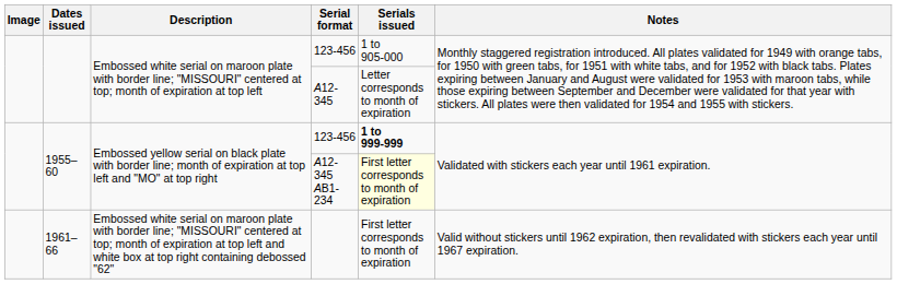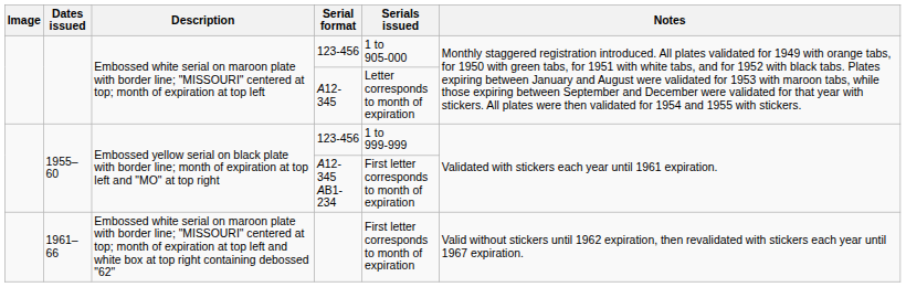 <table class="wikitable">
 <tr>
 <th>Image</th>
 <th>Dates issued</th>
 <th>Description</th>
 <th>Serial format</th>
 <th style="width:100px;">Serials issued</th>
 <th>Notes</th>
 </tr>
 <tr>
 <td rowspan="2"></td>
 <td rowspan="2"></td>
 <td rowspan="2">Embossed white serial on maroon plate with border line; "MISSOURI" centered at top; month of expiration at top left</td>
 <td>123-456</td>
 <td>1 to<br>905-000</td>
 <td rowspan="2">Monthly staggered registration introduced. All plates validated for 1949 with orange tabs, for 1950 with green tabs, for 1951 with white tabs, and for 1952 with black tabs. Plates expiring between January and August were validated for 1953 with maroon tabs, while those expiring between September and December were validated for that year with stickers. All plates were then validated for 1954 and 1955 with stickers.</td>
 </tr>
 <tr>
 <td><em>A</em>12-345</td>
 <td>Letter corresponds to month of expiration</td>
 </tr>
 <tr>
 <td rowspan="2"><br></td>
 <td rowspan="2">1955–60</td>
 <td rowspan="2">Embossed yellow serial on black plate with border line; month of expiration at top left and "MO" at top right</td>
 <td>123-456</td>
-<td><strong>1 to<br>999-999</strong></td>
+<td>1 to<br>999-999</td>
 <td rowspan="2">Validated with stickers each year until 1961 expiration.</td>
 </tr>
 <tr>
 <td><em>A</em>12-345<br><em>A</em>B1-234</td>
-<td style="background: lightyellow;">First letter corresponds to month of expiration</td>
+<td>First letter corresponds to month of expiration</td>
 </tr>
 <tr>
 <td><br></td>
 <td>1961–66</td>
 <td>Embossed white serial on maroon plate with border line; "MISSOURI" centered at top; month of expiration at top left and white box at top right containing debossed "62"</td>
 <td></td>
 <td>First letter corresponds to month of expiration</td>
 <td>Valid without stickers until 1962 expiration, then revalidated with stickers each year until 1967 expiration.</td>
 </tr>
 </table>
